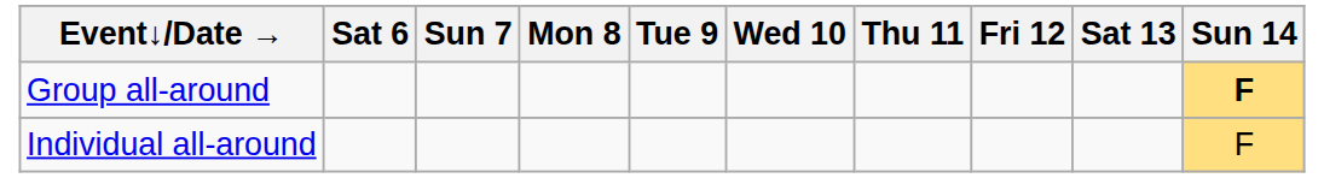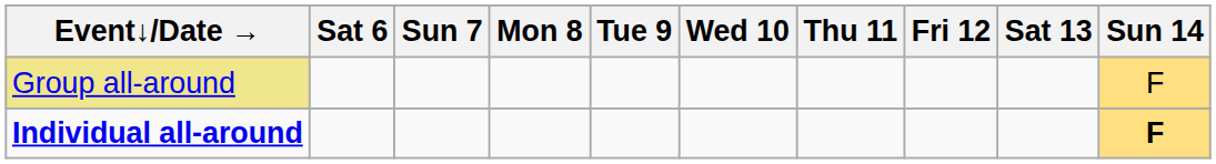 <table class="wikitable" style="margin:0.5em auto; font-size:90%; line-height:1.25em;">
 <tr style="text-align:center;">
 <th>Event↓/Date →</th>
 <th>Sat 6</th>
 <th>Sun 7</th>
 <th>Mon 8</th>
 <th>Tue 9</th>
 <th>Wed 10</th>
 <th>Thu 11</th>
 <th>Fri 12</th>
 <th>Sat 13</th>
 <th>Sun 14</th>
 </tr>
 <tr style="text-align:center;">
-<td style="text-align:left;"><a href='#'>Group all-around</a></td>
+<td style="background: khaki; text-align:left;"><a href='#'>Group all-around</a></td>
+<td></td>
+<td></td>
+<td></td>
+<td></td>
+<td></td>
+<td></td>
+<td></td>
+<td></td>
+<td style="background-color:#FFDF80;">F</td>
+</tr>
+<tr style="text-align:center;">
+<td style="text-align:left;"><strong><a href='#'>Individual all-around</a></strong></td>
 <td></td>
 <td></td>
 <td></td>
 <td></td>
 <td></td>
 <td></td>
 <td></td>
 <td></td>
 <td style="background-color:#FFDF80;"><strong>F</strong></td>
 </tr>
-<tr style="text-align:center;">
-<td style="text-align:left;"><a href='#'>Individual all-around</a></td>
-<td></td>
-<td></td>
-<td></td>
-<td></td>
-<td></td>
-<td></td>
-<td></td>
-<td></td>
-<td style="background-color:#FFDF80;">F</td>
-</tr>
 </table>
